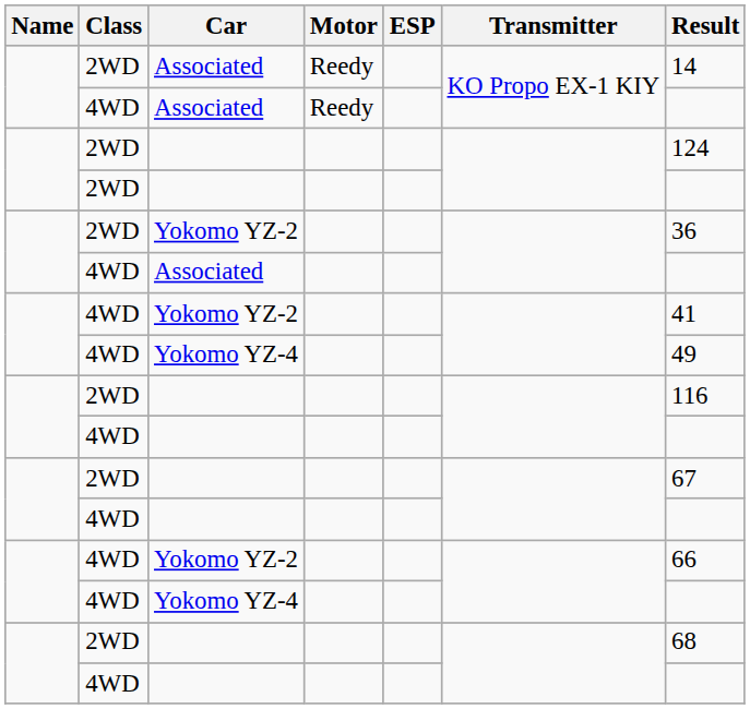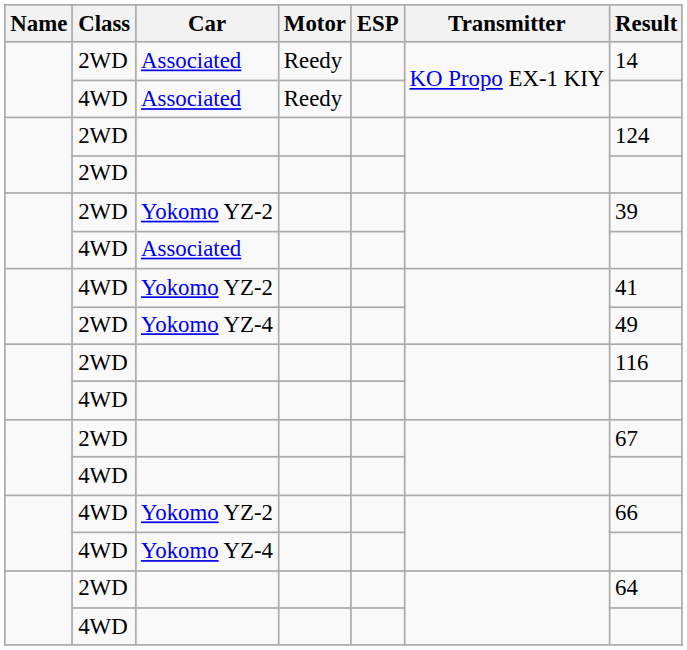 <table class="wikitable" style="font-size: 85%;">
 <tr>
 <th>Name</th>
 <th>Class</th>
 <th>Car</th>
 <th>Motor</th>
 <th>ESP</th>
 <th>Transmitter</th>
 <th>Result</th>
 </tr>
 <tr>
 <td rowspan=2></td>
 <td>2WD</td>
 <td><a href='#'>Associated</a></td>
 <td>Reedy</td>
 <td></td>
 <td rowspan=2><a href='#'>KO Propo</a> EX-1 KIY</td>
 <td>14</td>
 </tr>
 <tr>
 <td>4WD</td>
 <td><a href='#'>Associated</a></td>
 <td>Reedy</td>
 <td></td>
 <td></td>
 </tr>
 <tr>
 <td rowspan=2></td>
 <td>2WD</td>
 <td></td>
 <td></td>
 <td></td>
 <td rowspan=2></td>
 <td>124</td>
 </tr>
 <tr>
 <td>2WD</td>
 <td></td>
 <td></td>
 <td></td>
 <td></td>
 </tr>
 <tr>
 <td rowspan=2> </td>
 <td>2WD</td>
 <td><a href='#'>Yokomo</a> YZ-2</td>
 <td></td>
 <td></td>
 <td rowspan=2></td>
-<td>36</td>
+<td>39</td>
 </tr>
 <tr>
 <td>4WD</td>
 <td><a href='#'>Associated</a></td>
 <td></td>
 <td></td>
 <td></td>
 </tr>
 <tr>
 <td rowspan=2></td>
 <td>4WD</td>
 <td><a href='#'>Yokomo</a> YZ-2</td>
 <td></td>
 <td></td>
 <td rowspan=2></td>
 <td>41</td>
 </tr>
 <tr>
-<td>4WD</td>
+<td>2WD</td>
 <td><a href='#'>Yokomo</a> YZ-4</td>
 <td></td>
 <td></td>
 <td>49</td>
 </tr>
 <tr>
 <td rowspan=2></td>
 <td>2WD</td>
 <td></td>
 <td></td>
 <td></td>
 <td rowspan=2></td>
 <td>116</td>
 </tr>
 <tr>
 <td>4WD</td>
 <td></td>
 <td></td>
 <td></td>
 <td></td>
 </tr>
 <tr>
 <td rowspan=2></td>
 <td>2WD</td>
 <td></td>
 <td></td>
 <td></td>
 <td rowspan=2></td>
 <td>67</td>
 </tr>
 <tr>
 <td>4WD</td>
 <td></td>
 <td></td>
 <td></td>
 <td></td>
 </tr>
 <tr>
 <td rowspan=2></td>
 <td>4WD</td>
 <td><a href='#'>Yokomo</a> YZ-2</td>
 <td></td>
 <td></td>
 <td rowspan=2></td>
 <td>66</td>
 </tr>
 <tr>
 <td>4WD</td>
 <td><a href='#'>Yokomo</a> YZ-4</td>
 <td></td>
 <td></td>
 <td></td>
 </tr>
 <tr>
 <td rowspan=2></td>
 <td>2WD</td>
 <td></td>
 <td></td>
 <td></td>
 <td rowspan=2></td>
-<td>68</td>
+<td>64</td>
 </tr>
 <tr>
 <td>4WD</td>
 <td></td>
 <td></td>
 <td></td>
 <td></td>
 </tr>
 </table>
